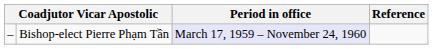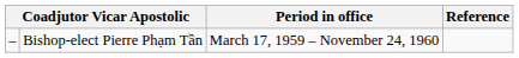 <table class="wikitable">
 <tr>
 <th colspan="2">Coadjutor Vicar Apostolic</th>
 <th>Period in office</th>
 <th>Reference</th>
 </tr>
 <tr>
 <td>–</td>
 <td>Bishop-elect Pierre Phạm Tần</td>
-<td style="background: lavender;">March 17, 1959 – November 24, 1960</td>
+<td>March 17, 1959 – November 24, 1960</td>
 <td></td>
 </tr>
 </table>
